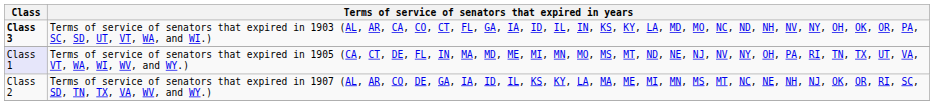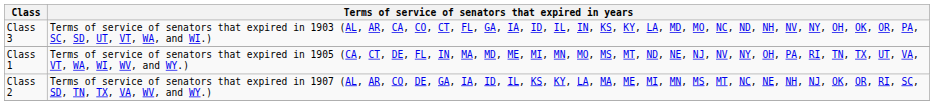 <table class="wikitable sortable">
 <tr valign=bottom>
 <th>Class</th>
 <th>Terms of service of senators that expired in years</th>
 </tr>
 <tr>
-<td><strong>Class 3</strong></td>
+<td>Class 3</td>
 <td>Terms of service of senators that expired in 1903 (<a href='#'>AL</a>, <a href='#'>AR</a>, <a href='#'>CA</a>, <a href='#'>CO</a>, <a href='#'>CT</a>, <a href='#'>FL</a>, <a href='#'>GA</a>, <a href='#'>IA</a>, <a href='#'>ID</a>, <a href='#'>IL</a>, <a href='#'>IN</a>, <a href='#'>KS</a>, <a href='#'>KY</a>, <a href='#'>LA</a>, <a href='#'>MD</a>, <a href='#'>MO</a>, <a href='#'>NC</a>, <a href='#'>ND</a>, <a href='#'>NH</a>, <a href='#'>NV</a>, <a href='#'>NY</a>, <a href='#'>OH</a>, <a href='#'>OK</a>, <a href='#'>OR</a>, <a href='#'>PA</a>, <a href='#'>SC</a>, <a href='#'>SD</a>, <a href='#'>UT</a>, <a href='#'>VT</a>, <a href='#'>WA</a>, and <a href='#'>WI</a>.)</td>
 </tr>
 <tr>
 </tr>
 <tr>
-<td style="background: lavender;">Class 1</td>
+<td>Class 1</td>
 <td>Terms of service of senators that expired in 1905 (<a href='#'>CA</a>, <a href='#'>CT</a>, <a href='#'>DE</a>, <a href='#'>FL</a>, <a href='#'>IN</a>, <a href='#'>MA</a>, <a href='#'>MD</a>, <a href='#'>ME</a>,  <a href='#'>MI</a>, <a href='#'>MN</a>, <a href='#'>MO</a>, <a href='#'>MS</a>, <a href='#'>MT</a>, <a href='#'>ND</a>, <a href='#'>NE</a>, <a href='#'>NJ</a>,  <a href='#'>NV</a>, <a href='#'>NY</a>, <a href='#'>OH</a>, <a href='#'>PA</a>, <a href='#'>RI</a>, <a href='#'>TN</a>, <a href='#'>TX</a>, <a href='#'>UT</a>, <a href='#'>VA</a>, <a href='#'>VT</a>, <a href='#'>WA</a>, <a href='#'>WI</a>, <a href='#'>WV</a>, and <a href='#'>WY</a>.)</td>
 </tr>
 <tr>
 <td>Class 2</td>
 <td>Terms of service of senators that expired in 1907 (<a href='#'>AL</a>, <a href='#'>AR</a>, <a href='#'>CO</a>, <a href='#'>DE</a>, <a href='#'>GA</a>, <a href='#'>IA</a>, <a href='#'>ID</a>, <a href='#'>IL</a>, <a href='#'>KS</a>, <a href='#'>KY</a>, <a href='#'>LA</a>, <a href='#'>MA</a>, <a href='#'>ME</a>, <a href='#'>MI</a>, <a href='#'>MN</a>, <a href='#'>MS</a>, <a href='#'>MT</a>, <a href='#'>NC</a>, <a href='#'>NE</a>, <a href='#'>NH</a>, <a href='#'>NJ</a>, <a href='#'>OK</a>, <a href='#'>OR</a>, <a href='#'>RI</a>, <a href='#'>SC</a>, <a href='#'>SD</a>, <a href='#'>TN</a>, <a href='#'>TX</a>, <a href='#'>VA</a>, <a href='#'>WV</a>, and <a href='#'>WY</a>.)</td>
 </tr>
 <tr>
 </tr>
 </table>
